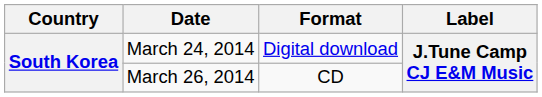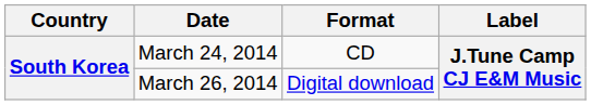 <table class="wikitable plainrowheaders" style="text-align:center">
 <tr>
 <th scope="col">Country</th>
 <th>Date</th>
 <th>Format</th>
 <th>Label</th>
 </tr>
 <tr>
 <th scope="row" rowspan="2"><a href='#'>South Korea</a></th>
 <td>March 24, 2014</td>
-<td><a href='#'>Digital download</a></td>
+<td align="center">CD</td>
 <th align="center" scope="row" rowspan="2">J.Tune Camp<br><a href='#'>CJ E&M Music</a></th>
 </tr>
 <tr>
 <td>March 26, 2014</td>
-<td align="center">CD</td>
+<td><a href='#'>Digital download</a></td>
 </tr>
 </table>
